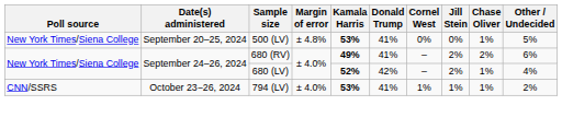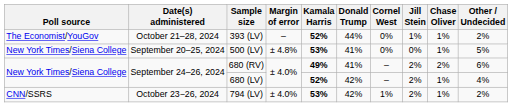 <table class="wikitable sortable mw-datatable" style="font-size:90%;text-align:center;line-height:17px">
 <tr valign=bottom>
 <th>Poll source</th>
 <th>Date(s)<br>administered</th>
 <th>Sample<br>size</th>
 <th>Margin<br>of error</th>
 <th class="unsortable">Kamala<br>Harris<br></th>
 <th class="unsortable">Donald<br>Trump<br></th>
 <th class="unsortable">Cornel<br>West<br></th>
 <th class="unsortable">Jill<br>Stein<br></th>
 <th class="unsortable">Chase<br>Oliver<br></th>
 <th class="unsortable">Other /<br>Undecided</th>
+</tr>
+<tr>
+<td style="text-align:left;"><a href='#'>The Economist</a>/<a href='#'>YouGov</a></td>
+<td data-sort-value="2024-10-28">October 21–28, 2024</td>
+<td>393 (LV)</td>
+<td>–</td>
+<td style="color:black;background-color:"><strong>52%</strong></td>
+<td>44%</td>
+<td>0%</td>
+<td>1%</td>
+<td>1%</td>
+<td>2%</td>
 </tr>
 <tr>
 <td style="text-align:left;"><a href='#'>New York Times</a>/<a href='#'>Siena College</a></td>
 <td data-sort-value="2024-09-25">September 20–25, 2024</td>
 <td>500 (LV)</td>
 <td>± 4.8%</td>
 <td style="color:black;background-color:"><strong>53%</strong></td>
 <td>41%</td>
 <td>0%</td>
 <td>0%</td>
 <td>1%</td>
 <td>5%</td>
 </tr>
 <tr>
 <td style="text-align:left;" rowspan="2"><a href='#'>New York Times</a>/<a href='#'>Siena College</a></td>
 <td rowspan="2">September 24–26, 2024</td>
 <td>680 (RV)</td>
 <td rowspan="2">± 4.0%</td>
 <td style="color:black;background-color:"><strong>49%</strong></td>
 <td>41%</td>
 <td>–</td>
 <td>2%</td>
 <td>2%</td>
 <td>6%</td>
 </tr>
 <tr>
 <td>680 (LV)</td>
 <td style="color:black;background-color:"><strong>52%</strong></td>
 <td>42%</td>
 <td>–</td>
 <td>2%</td>
 <td>1%</td>
 <td>4%</td>
 </tr>
 <tr>
 <td style="text-align:left;"><a href='#'>CNN</a>/SSRS</td>
 <td data-sort-value="2024-10-26">October 23−26, 2024</td>
 <td>794 (LV)</td>
 <td>± 4.0%</td>
 <td style="color:black;background-color:"><strong>53%</strong></td>
-<td>41%</td>
+<td>42%</td>
 <td>1%</td>
-<td>1%</td>
+<td>2%</td>
 <td>1%</td>
 <td>2%</td>
 </tr>
 </table>
